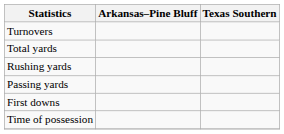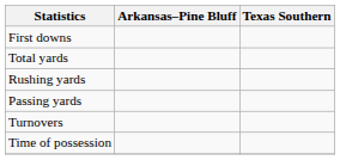 <table class="wikitable">
 <tr>
 <th>Statistics</th>
 <th>Arkansas–Pine Bluff</th>
 <th>Texas Southern</th>
 </tr>
 <tr>
-<td>Turnovers</td>
+<td>First downs</td>
 <td> </td>
 <td> </td>
 </tr>
 <tr>
 <td>Total yards</td>
 <td> </td>
 <td> </td>
 </tr>
 <tr>
 <td>Rushing yards</td>
 <td> </td>
 <td> </td>
 </tr>
 <tr>
 <td>Passing yards</td>
 <td> </td>
 <td> </td>
 </tr>
 <tr>
-<td>First downs</td>
+<td>Turnovers</td>
 <td> </td>
 <td> </td>
 </tr>
 <tr>
 <td>Time of possession</td>
 <td> </td>
 <td> </td>
 </tr>
 <tr>
 </tr>
 </table>
